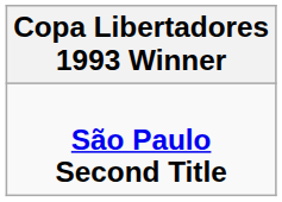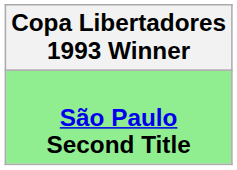 <table class="wikitable" style="text-align: center; margin: 0 auto;">
 <tr>
 <th>Copa Libertadores<br>1993 Winner</th>
 </tr>
 <tr>
-<td><br><strong><a href='#'>São Paulo</a></strong><br><strong>Second Title</strong></td>
+<td style="background: lightgreen;"><br><strong><a href='#'>São Paulo</a></strong><br><strong>Second Title</strong></td>
 </tr>
 </table>
